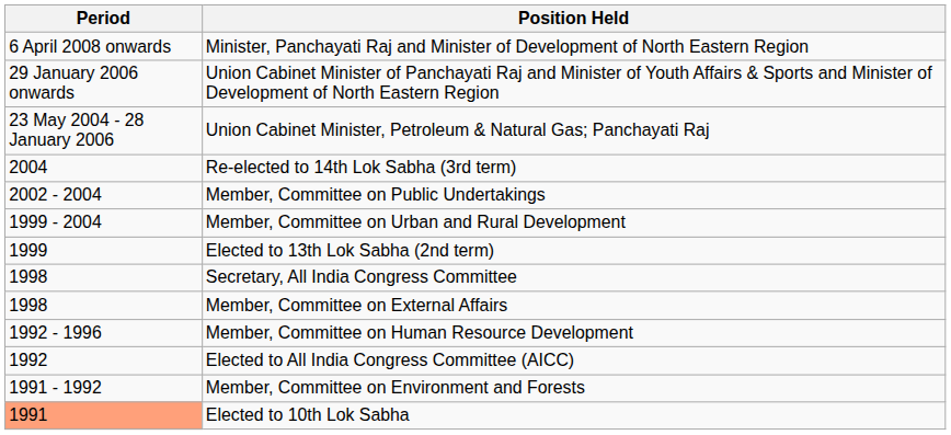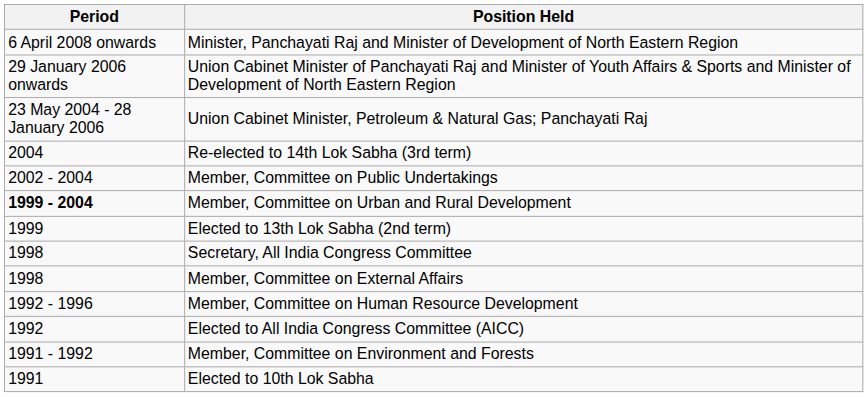 <table class="wikitable">
 <tr>
 <th>Period</th>
 <th>Position Held</th>
 </tr>
 <tr>
 <td>6 April 2008 onwards</td>
 <td>Minister, Panchayati Raj and Minister of Development of North Eastern Region</td>
 </tr>
 <tr>
 <td>29 January 2006 onwards</td>
 <td>Union Cabinet Minister of Panchayati Raj and Minister of Youth Affairs & Sports and Minister of Development of North Eastern Region</td>
 </tr>
 <tr>
 <td>23 May 2004 - 28 January 2006</td>
 <td>Union Cabinet Minister, Petroleum & Natural Gas; Panchayati Raj</td>
 </tr>
 <tr>
 <td>2004</td>
 <td>Re-elected to 14th Lok Sabha (3rd term)</td>
 </tr>
 <tr>
 <td>2002 - 2004</td>
 <td>Member, Committee on Public Undertakings</td>
 </tr>
 <tr>
-<td>1999 - 2004</td>
+<td><strong>1999 - 2004</strong></td>
 <td>Member, Committee on Urban and Rural Development</td>
 </tr>
 <tr>
 <td>1999</td>
 <td>Elected to 13th Lok Sabha (2nd term)</td>
 </tr>
 <tr>
 <td>1998</td>
 <td>Secretary, All India Congress Committee</td>
 </tr>
 <tr>
 <td>1998</td>
 <td>Member, Committee on External Affairs</td>
 </tr>
 <tr>
 <td>1992 - 1996</td>
 <td>Member, Committee on Human Resource Development</td>
 </tr>
 <tr>
 <td>1992</td>
 <td>Elected to All India Congress Committee (AICC)</td>
 </tr>
 <tr>
 <td>1991 - 1992</td>
 <td>Member, Committee on Environment and Forests</td>
 </tr>
 <tr>
-<td style="background: lightsalmon;">1991</td>
+<td>1991</td>
 <td>Elected to 10th Lok Sabha</td>
 </tr>
 </table>
